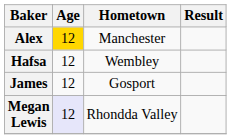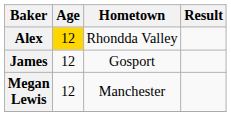 <table class="wikitable sortable" style="display:inline-table; text-align:center">
 <tr>
 <th scope="col">Baker</th>
 <th scope="col">Age</th>
 <th scope="col">Hometown</th>
 <th scope="col">Result</th>
 </tr>
 <tr>
 <th scope="row">Alex</th>
 <td style="background: gold;">12</td>
-<td>Manchester</td>
-<td></td>
-</tr>
-<tr>
-<th scope="row">Hafsa</th>
-<td>12</td>
-<td>Wembley</td>
+<td>Rhondda Valley</td>
 <td></td>
 </tr>
 <tr>
 <th scope="row">James</th>
 <td>12</td>
 <td>Gosport</td>
 <td></td>
 </tr>
 <tr>
 <th scope="row">Megan<br>Lewis</th>
-<td style="background: lavender;">12</td>
-<td>Rhondda Valley</td>
+<td>12</td>
+<td>Manchester</td>
 <td></td>
 </tr>
 <tr>
 </tr>
 </table>
